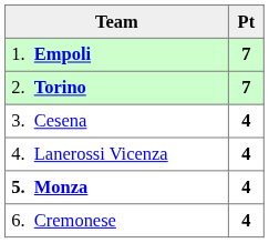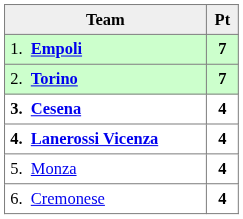 <table style=border-collapse:collapse border=1 cellspacing=0 cellpadding=5>
 <tr style="text-align:center; background:#efefef">
 <th width=185>Team</th>
 <th width=20>Pt</th>
 </tr>
 <tr style="text-align:center; background:#ccffcc">
 <td style="text-align:left">1. <strong> <a href='#'>Empoli</a></strong></td>
 <td><strong>7</strong></td>
 </tr>
 <tr style="text-align:center; background:#ccffcc">
 <td style="text-align:left">2. <strong> <a href='#'>Torino</a></strong></td>
 <td><strong>7</strong></td>
 </tr>
 <tr style="text-align:center">
-<td style="text-align:left">3.  <a href='#'>Cesena</a></td>
+<td style="text-align:left"><strong>3.  <a href='#'>Cesena</a></strong></td>
 <td><strong>4</strong></td>
 </tr>
 <tr style="text-align:center; background:">
-<td style="text-align:left">4.  <a href='#'>Lanerossi Vicenza</a></td>
+<td style="text-align:left"><strong>4.  <a href='#'>Lanerossi Vicenza</a></strong></td>
 <td><strong>4</strong></td>
 </tr>
 <tr style="text-align:center">
-<td style="text-align:left"><strong>5.  <a href='#'>Monza</a></strong></td>
+<td style="text-align:left">5.  <a href='#'>Monza</a></td>
 <td><strong>4</strong></td>
 </tr>
 <tr style="text-align:center">
 <td style="text-align:left">6.  <a href='#'>Cremonese</a></td>
 <td><strong>4</strong></td>
 </tr>
 </table>
